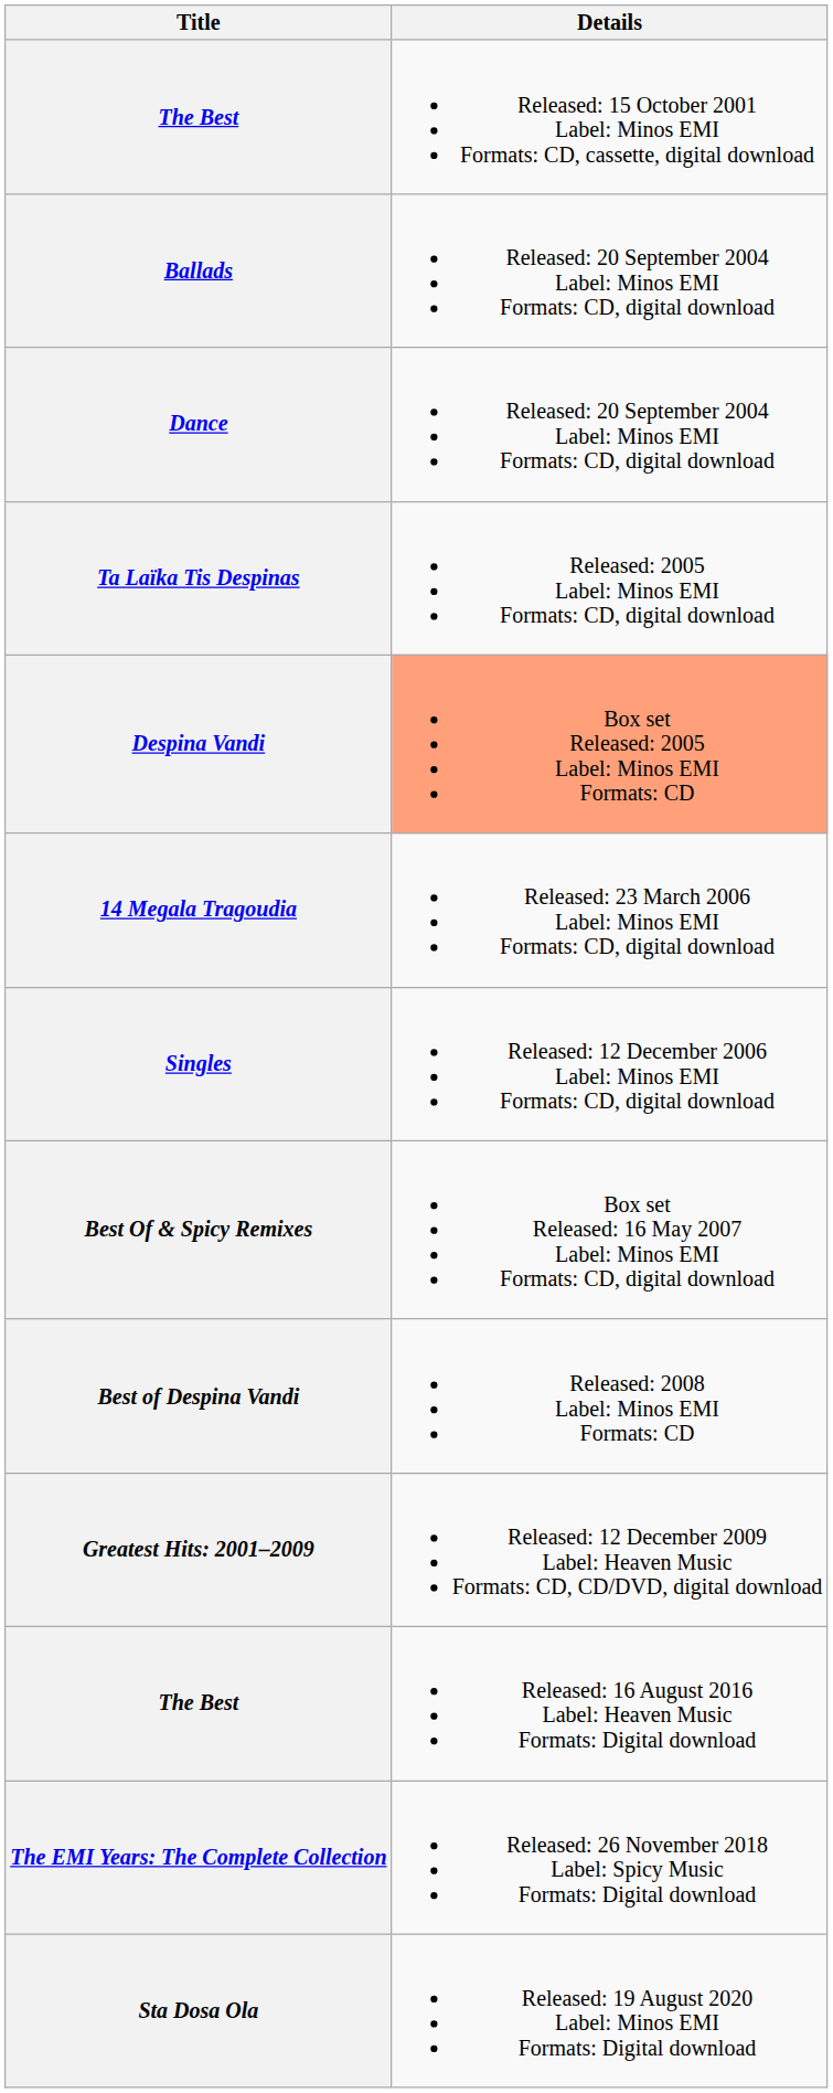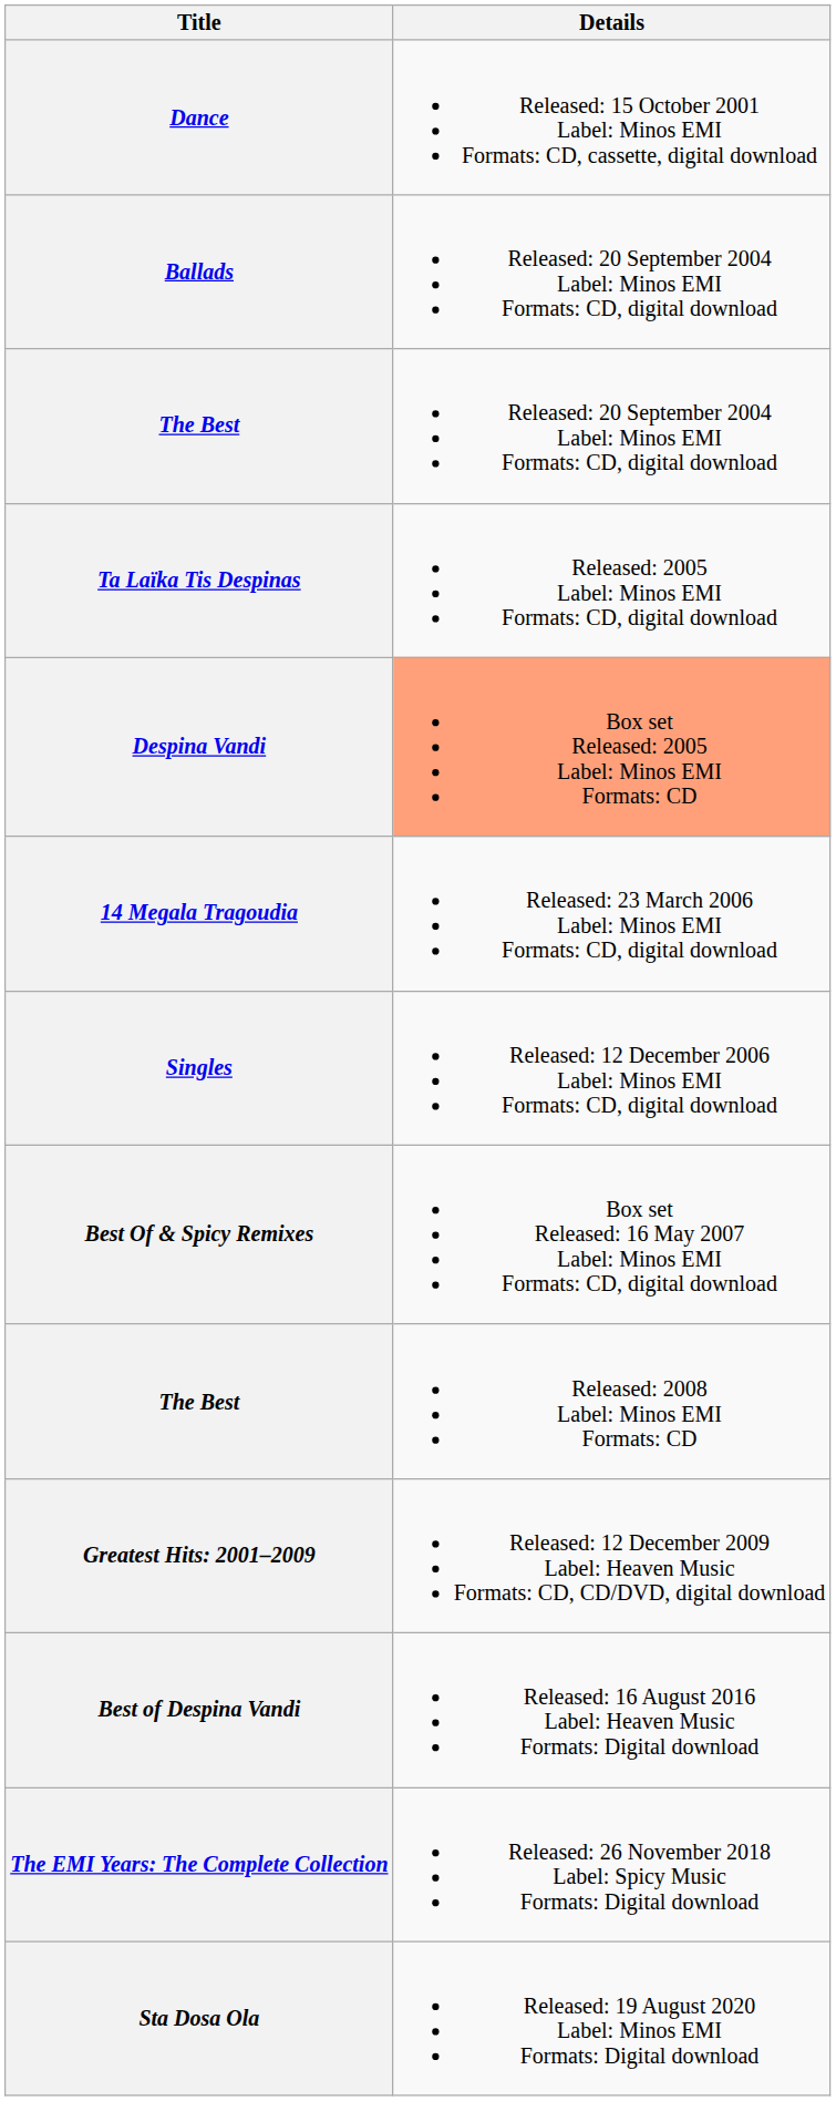 <table class="wikitable plainrowheaders" style="text-align:center;">
 <tr>
 <th scope="col">Title</th>
 <th scope="col">Details</th>
 </tr>
 <tr>
-<th scope="row"><em><a href='#'>The Best</a></em></th>
+<th scope="row"><em><a href='#'>Dance</a></em></th>
 <td><br><ul><li>Released: 15 October 2001</li><li>Label: Minos EMI</li><li>Formats: CD, cassette, digital download</li></ul></td>
 </tr>
 <tr>
 <th scope="row"><em><a href='#'>Ballads</a></em></th>
 <td><br><ul><li>Released: 20 September 2004</li><li>Label: Minos EMI</li><li>Formats: CD, digital download</li></ul></td>
 </tr>
 <tr>
-<th scope="row"><em><a href='#'>Dance</a></em></th>
+<th scope="row"><em><a href='#'>The Best</a></em></th>
 <td><br><ul><li>Released: 20 September 2004</li><li>Label: Minos EMI</li><li>Formats: CD, digital download</li></ul></td>
 </tr>
 <tr>
 <th scope="row"><em><a href='#'>Ta Laïka Tis Despinas</a></em></th>
 <td><br><ul><li>Released: 2005</li><li>Label: Minos EMI</li><li>Formats: CD, digital download</li></ul></td>
 </tr>
 <tr>
 <th scope="row"><em><a href='#'>Despina Vandi</a></em></th>
 <td style="background: lightsalmon;"><br><ul><li>Box set</li><li>Released: 2005</li><li>Label: Minos EMI</li><li>Formats: CD</li></ul></td>
 </tr>
 <tr>
 <th scope="row"><em><a href='#'>14 Megala Tragoudia</a></em></th>
 <td><br><ul><li>Released: 23 March 2006</li><li>Label: Minos EMI</li><li>Formats: CD, digital download</li></ul></td>
 </tr>
 <tr>
 <th scope="row"><em><a href='#'>Singles</a></em></th>
 <td><br><ul><li>Released: 12 December 2006</li><li>Label: Minos EMI</li><li>Formats: CD, digital download</li></ul></td>
 </tr>
 <tr>
 <th scope="row"><em>Best Of & Spicy Remixes</em></th>
 <td><br><ul><li>Box set</li><li>Released: 16 May 2007</li><li>Label: Minos EMI</li><li>Formats: CD, digital download</li></ul></td>
 </tr>
 <tr>
-<th scope="row"><em>Best of Despina Vandi</em></th>
+<th scope="row"><em>The Best</em></th>
 <td><br><ul><li>Released: 2008</li><li>Label: Minos EMI</li><li>Formats: CD</li></ul></td>
 </tr>
 <tr>
 <th scope="row"><em>Greatest Hits: 2001–2009</em></th>
 <td><br><ul><li>Released: 12 December 2009</li><li>Label: Heaven Music</li><li>Formats: CD, CD/DVD, digital download</li></ul></td>
 </tr>
 <tr>
-<th scope="row"><em>The Best</em></th>
+<th scope="row"><em>Best of Despina Vandi</em></th>
 <td><br><ul><li>Released: 16 August 2016</li><li>Label: Heaven Music</li><li>Formats: Digital download</li></ul></td>
 </tr>
 <tr>
 <th scope="row"><em><a href='#'>The EMI Years: The Complete Collection</a></em></th>
 <td><br><ul><li>Released: 26 November 2018</li><li>Label: Spicy Music</li><li>Formats: Digital download</li></ul></td>
 </tr>
 <tr>
 <th scope="row"><em>Sta Dosa Ola</em></th>
 <td><br><ul><li>Released: 19 August 2020</li><li>Label: Minos EMI</li><li>Formats: Digital download</li></ul></td>
 </tr>
 </table>
